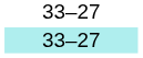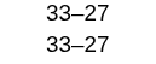 <table style="text-align:center">
 <tr>
 <th width=200></th>
 <th width=100></th>
 <th width=200></th>
 </tr>
 <tr>
 <td align=right><strong></strong></td>
 <td>33–27</td>
 <td align=left></td>
 </tr>
 <tr>
 <td align=right><strong></strong></td>
-<td style="background: paleturquoise;">33–27</td>
+<td>33–27</td>
 <td align=left></td>
 </tr>
 <tr>
 </tr>
 </table>
